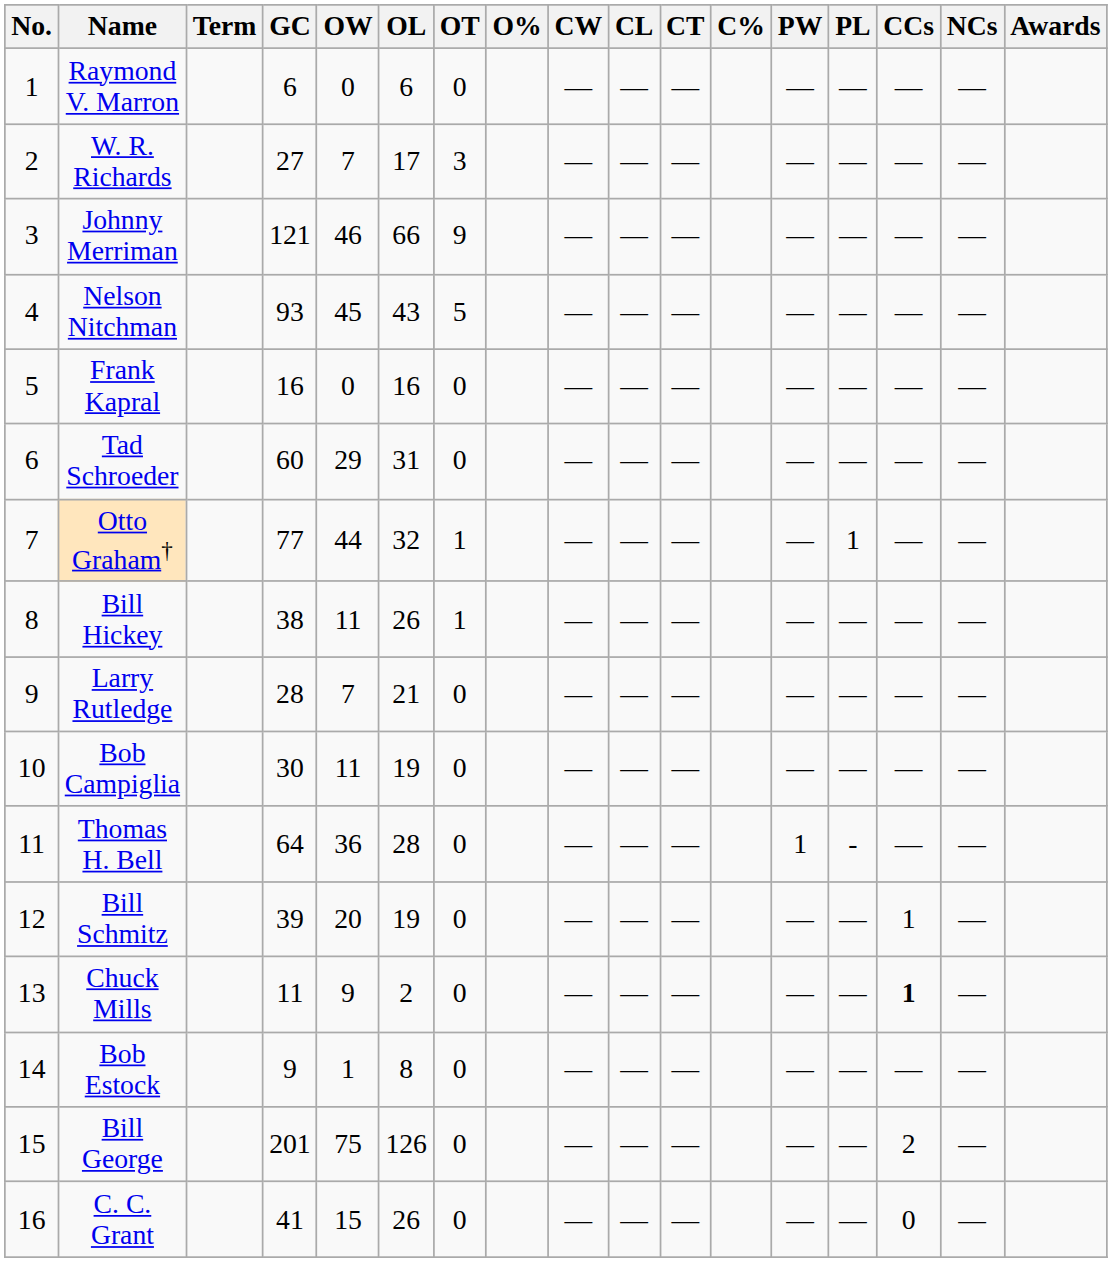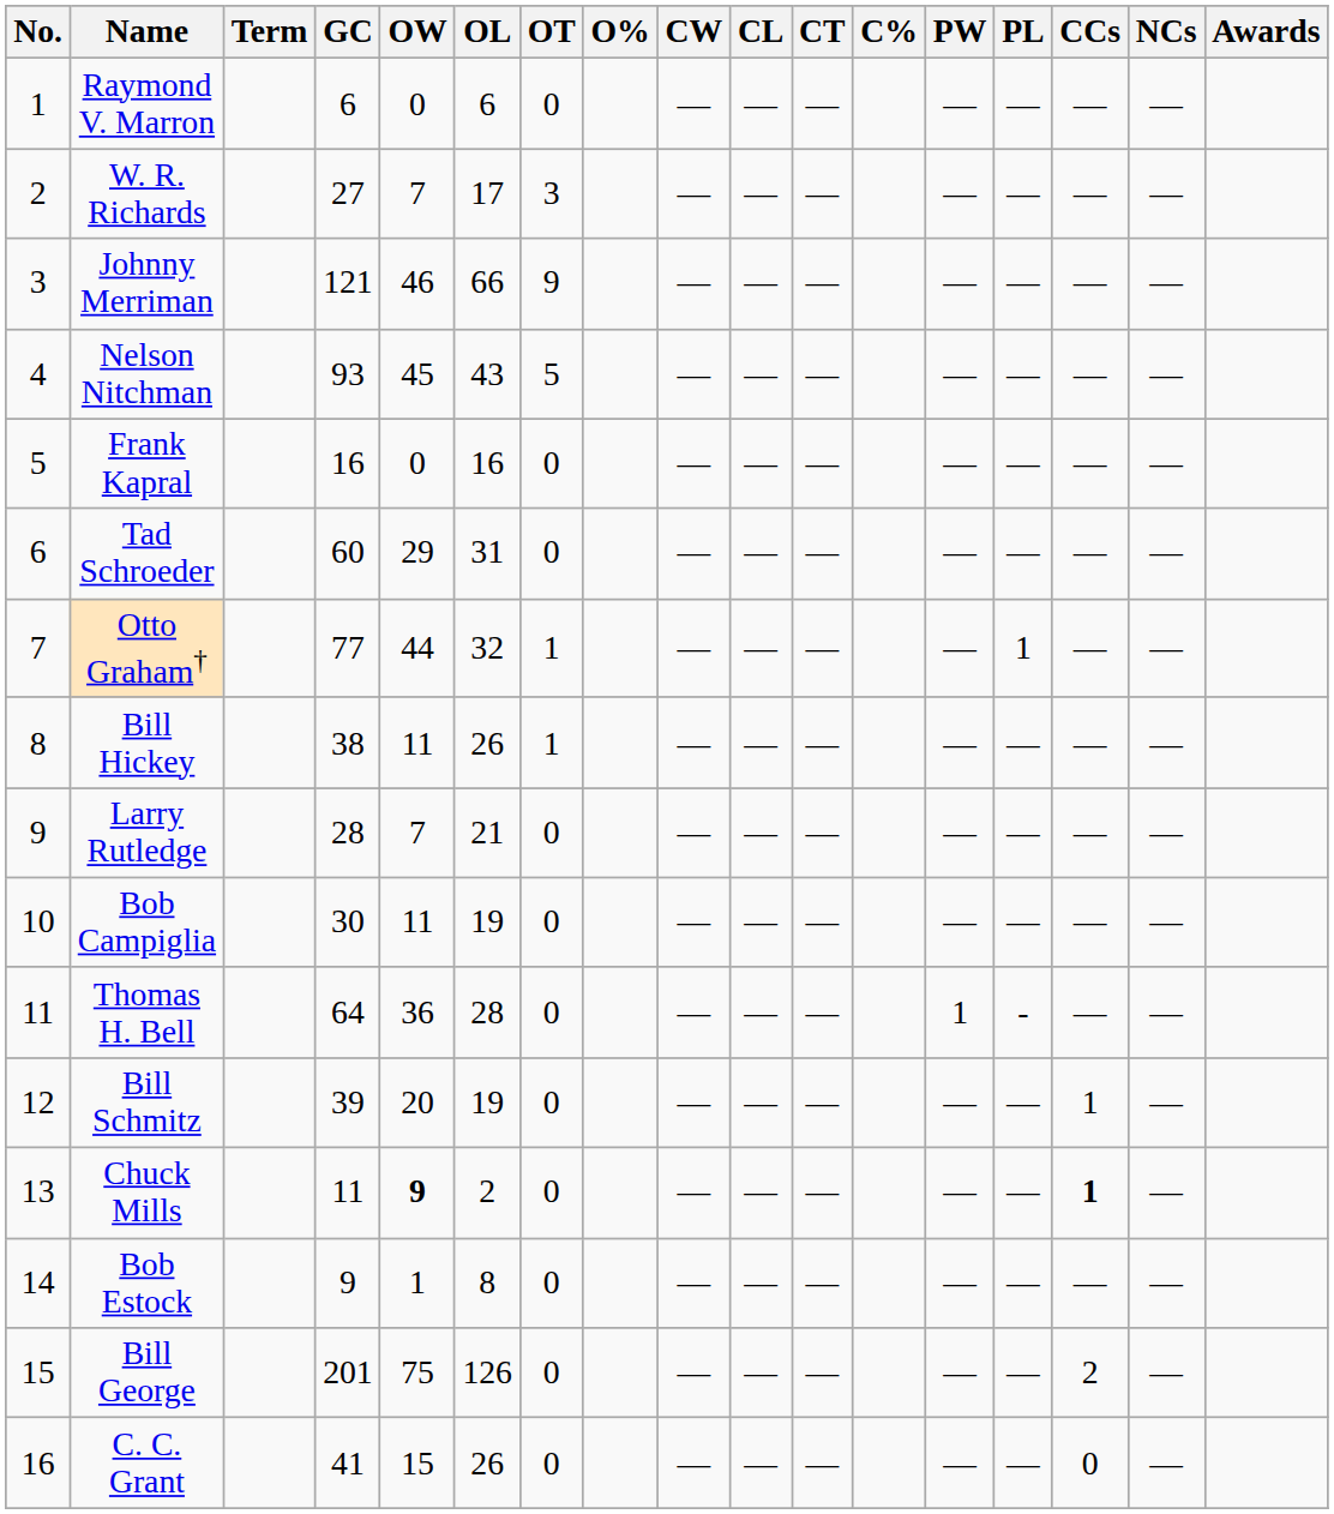 <table class="wikitable sortable" style="text-align:center">
 <tr>
 <th>No.</th>
 <th>Name</th>
 <th>Term</th>
 <th>GC</th>
 <th>OW</th>
 <th>OL</th>
 <th>OT</th>
 <th>O%</th>
 <th>CW</th>
 <th>CL</th>
 <th>CT</th>
 <th>C%</th>
 <th>PW</th>
 <th>PL</th>
 <th>CCs</th>
 <th>NCs</th>
 <th class="unsortable">Awards</th>
 </tr>
 <tr>
 <td>1</td>
 <td><a href='#'>Raymond V. Marron</a></td>
 <td></td>
 <td>6</td>
 <td>0</td>
 <td>6</td>
 <td>0</td>
 <td></td>
 <td>—</td>
 <td>—</td>
 <td>—</td>
 <td></td>
 <td>—</td>
 <td>—</td>
 <td>—</td>
 <td>—</td>
 <td></td>
 </tr>
 <tr>
 <td>2</td>
 <td><a href='#'>W. R. Richards</a></td>
 <td></td>
 <td>27</td>
 <td>7</td>
 <td>17</td>
 <td>3</td>
 <td></td>
 <td>—</td>
 <td>—</td>
 <td>—</td>
 <td></td>
 <td>—</td>
 <td>—</td>
 <td>—</td>
 <td>—</td>
 <td></td>
 </tr>
 <tr>
 <td>3</td>
 <td><a href='#'>Johnny Merriman</a></td>
 <td></td>
 <td>121</td>
 <td>46</td>
 <td>66</td>
 <td>9</td>
 <td></td>
 <td>—</td>
 <td>—</td>
 <td>—</td>
 <td></td>
 <td>—</td>
 <td>—</td>
 <td>—</td>
 <td>—</td>
 <td></td>
 </tr>
 <tr>
 <td>4</td>
 <td><a href='#'>Nelson Nitchman</a></td>
 <td></td>
 <td>93</td>
 <td>45</td>
 <td>43</td>
 <td>5</td>
 <td></td>
 <td>—</td>
 <td>—</td>
 <td>—</td>
 <td></td>
 <td>—</td>
 <td>—</td>
 <td>—</td>
 <td>—</td>
 <td></td>
 </tr>
 <tr>
 <td>5</td>
 <td><a href='#'>Frank Kapral</a></td>
 <td></td>
 <td>16</td>
 <td>0</td>
 <td>16</td>
 <td>0</td>
 <td></td>
 <td>—</td>
 <td>—</td>
 <td>—</td>
 <td></td>
 <td>—</td>
 <td>—</td>
 <td>—</td>
 <td>—</td>
 <td></td>
 </tr>
 <tr>
 <td>6</td>
 <td><a href='#'>Tad Schroeder</a></td>
 <td></td>
 <td>60</td>
 <td>29</td>
 <td>31</td>
 <td>0</td>
 <td></td>
 <td>—</td>
 <td>—</td>
 <td>—</td>
 <td></td>
 <td>—</td>
 <td>—</td>
 <td>—</td>
 <td>—</td>
 <td></td>
 </tr>
 <tr>
 <td>7</td>
 <td style="background:#FFE6BD;"><a href='#'>Otto Graham</a><sup>†</sup></td>
 <td></td>
 <td>77</td>
 <td>44</td>
 <td>32</td>
 <td>1</td>
 <td></td>
 <td>—</td>
 <td>—</td>
 <td>—</td>
 <td></td>
 <td>—</td>
 <td>1</td>
 <td>—</td>
 <td>—</td>
 <td></td>
 </tr>
 <tr>
 <td>8</td>
 <td><a href='#'>Bill Hickey</a></td>
 <td></td>
 <td>38</td>
 <td>11</td>
 <td>26</td>
 <td>1</td>
 <td></td>
 <td>—</td>
 <td>—</td>
 <td>—</td>
 <td></td>
 <td>—</td>
 <td>—</td>
 <td>—</td>
 <td>—</td>
 <td></td>
 </tr>
 <tr>
 <td>9</td>
 <td><a href='#'>Larry Rutledge</a></td>
 <td></td>
 <td>28</td>
 <td>7</td>
 <td>21</td>
 <td>0</td>
 <td></td>
 <td>—</td>
 <td>—</td>
 <td>—</td>
 <td></td>
 <td>—</td>
 <td>—</td>
 <td>—</td>
 <td>—</td>
 <td></td>
 </tr>
 <tr>
 <td>10</td>
 <td><a href='#'>Bob Campiglia</a></td>
 <td></td>
 <td>30</td>
 <td>11</td>
 <td>19</td>
 <td>0</td>
 <td></td>
 <td>—</td>
 <td>—</td>
 <td>—</td>
 <td></td>
 <td>—</td>
 <td>—</td>
 <td>—</td>
 <td>—</td>
 <td></td>
 </tr>
 <tr>
 <td>11</td>
 <td><a href='#'>Thomas H. Bell</a></td>
 <td></td>
 <td>64</td>
 <td>36</td>
 <td>28</td>
 <td>0</td>
 <td></td>
 <td>—</td>
 <td>—</td>
 <td>—</td>
 <td></td>
 <td>1</td>
 <td>-</td>
 <td>—</td>
 <td>—</td>
 <td></td>
 </tr>
 <tr>
 <td>12</td>
 <td><a href='#'>Bill Schmitz</a></td>
 <td></td>
 <td>39</td>
 <td>20</td>
 <td>19</td>
 <td>0</td>
 <td></td>
 <td>—</td>
 <td>—</td>
 <td>—</td>
 <td></td>
 <td>—</td>
 <td>—</td>
 <td>1</td>
 <td>—</td>
 <td></td>
 </tr>
 <tr>
 <td>13</td>
 <td><a href='#'>Chuck Mills</a></td>
 <td></td>
 <td>11</td>
-<td>9</td>
+<td><strong>9</strong></td>
 <td>2</td>
 <td>0</td>
 <td></td>
 <td>—</td>
 <td>—</td>
 <td>—</td>
 <td></td>
 <td>—</td>
 <td>—</td>
 <td><strong>1</strong></td>
 <td>—</td>
 <td></td>
 </tr>
 <tr>
 <td>14</td>
 <td><a href='#'>Bob Estock</a></td>
 <td></td>
 <td>9</td>
 <td>1</td>
 <td>8</td>
 <td>0</td>
 <td></td>
 <td>—</td>
 <td>—</td>
 <td>—</td>
 <td></td>
 <td>—</td>
 <td>—</td>
 <td>—</td>
 <td>—</td>
 <td></td>
 </tr>
 <tr>
 <td>15</td>
 <td><a href='#'>Bill George</a></td>
 <td></td>
 <td>201</td>
 <td>75</td>
 <td>126</td>
 <td>0</td>
 <td></td>
 <td>—</td>
 <td>—</td>
 <td>—</td>
 <td></td>
 <td>—</td>
 <td>—</td>
 <td>2</td>
 <td>—</td>
 <td></td>
 </tr>
 <tr>
 <td>16</td>
 <td><a href='#'>C. C. Grant</a></td>
 <td></td>
 <td>41</td>
 <td>15</td>
 <td>26</td>
 <td>0</td>
 <td></td>
 <td>—</td>
 <td>—</td>
 <td>—</td>
 <td></td>
 <td>—</td>
 <td>—</td>
 <td>0</td>
 <td>—</td>
 <td></td>
 </tr>
 <tr>
 </tr>
 </table>
